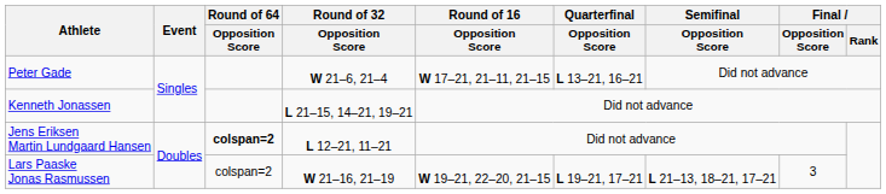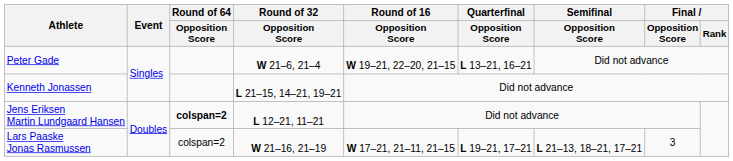 <table class=wikitable style="font-size:90%">
 <tr>
 <th rowspan="2">Athlete</th>
 <th rowspan="2">Event</th>
 <th>Round of 64</th>
 <th>Round of 32</th>
 <th>Round of 16</th>
 <th>Quarterfinal</th>
 <th>Semifinal</th>
 <th colspan=2>Final / </th>
 </tr>
 <tr style="font-size:95%">
 <th>Opposition<br>Score</th>
 <th>Opposition<br>Score</th>
 <th>Opposition<br>Score</th>
 <th>Opposition<br>Score</th>
 <th>Opposition<br>Score</th>
 <th>Opposition<br>Score</th>
 <th>Rank</th>
 </tr>
 <tr align=center>
 <td align=left><a href='#'>Peter Gade</a></td>
 <td align=left rowspan=2><a href='#'>Singles</a></td>
 <td></td>
 <td><br><strong>W</strong> 21–6, 21–4</td>
-<td><br><strong>W</strong> 17–21, 21–11, 21–15</td>
+<td><br><strong>W</strong> 19–21, 22–20, 21–15</td>
 <td><br><strong>L</strong> 13–21, 16–21</td>
 <td colspan=3>Did not advance</td>
 </tr>
 <tr align=center>
 <td align=left><a href='#'>Kenneth Jonassen</a></td>
 <td></td>
 <td><br><strong>L</strong> 21–15, 14–21, 19–21</td>
 <td colspan=5>Did not advance</td>
 </tr>
 <tr align=center>
 <td align=left><a href='#'>Jens Eriksen</a><br><a href='#'>Martin Lundgaard Hansen</a></td>
 <td align=left rowspan=2><a href='#'>Doubles</a></td>
 <td><strong>colspan=2 </strong></td>
 <td><br><strong>L</strong> 12–21, 11–21</td>
 <td colspan=4>Did not advance</td>
 </tr>
 <tr align=center>
 <td align=left><a href='#'>Lars Paaske</a><br><a href='#'>Jonas Rasmussen</a></td>
 <td>colspan=2 </td>
 <td><br><strong>W</strong> 21–16, 21–19</td>
-<td><br><strong>W</strong> 19–21, 22–20, 21–15</td>
+<td><br><strong>W</strong> 17–21, 21–11, 21–15</td>
 <td><br><strong>L</strong> 19–21, 17–21</td>
 <td><br><strong>L</strong> 21–13, 18–21, 17–21</td>
 <td>3</td>
 </tr>
 </table>
